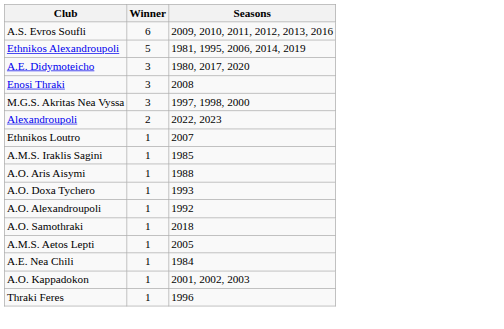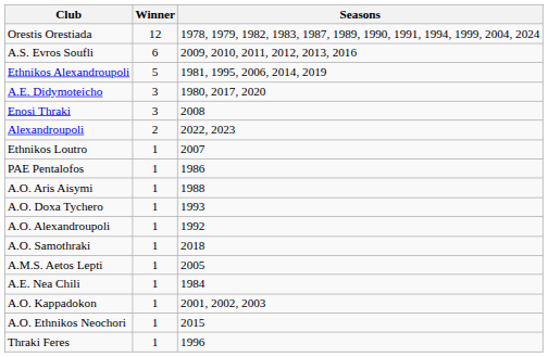 <table class="wikitable sortable" style="text-align: left">
 <tr>
 <th class="unsortable">Club</th>
 <th>Winner</th>
 <th>Seasons</th>
+</tr>
+<tr>
+<td>Orestis Orestiada</td>
+<td align="center">12</td>
+<td>1978, 1979, 1982, 1983, 1987, 1989, 1990, 1991, 1994, 1999, 2004, 2024</td>
 </tr>
 <tr>
 <td>A.S. Evros Soufli</td>
 <td align="center">6</td>
 <td>2009, 2010, 2011, 2012, 2013, 2016</td>
 </tr>
 <tr>
 <td><a href='#'>Ethnikos Alexandroupoli</a></td>
 <td align="center">5</td>
 <td>1981, 1995, 2006, 2014, 2019</td>
 </tr>
 <tr>
 <td><a href='#'>A.E. Didymoteicho</a></td>
 <td align="center">3</td>
 <td>1980, 2017, 2020</td>
 </tr>
 <tr>
 <td><a href='#'>Enosi Thraki</a></td>
 <td align="center">3</td>
 <td>2008</td>
 </tr>
 <tr>
-<td>M.G.S. Akritas Nea Vyssa</td>
-<td align="center">3</td>
-<td>1997, 1998, 2000</td>
-</tr>
-<tr>
 <td><a href='#'>Alexandroupoli</a></td>
 <td align="center">2</td>
 <td>2022, 2023</td>
 </tr>
 <tr>
 <td>Ethnikos Loutro</td>
 <td align="center">1</td>
 <td>2007</td>
 </tr>
 <tr>
-<td>A.M.S. Iraklis Sagini</td>
+<td>PAE Pentalofos</td>
 <td align="center">1</td>
-<td>1985</td>
+<td>1986</td>
 </tr>
 <tr>
 <td>A.O. Aris Aisymi</td>
 <td align="center">1</td>
 <td>1988</td>
 </tr>
 <tr>
 <td>A.O. Doxa Tychero</td>
 <td align="center">1</td>
 <td>1993</td>
 </tr>
 <tr>
 <td>A.O. Alexandroupoli</td>
 <td align="center">1</td>
 <td>1992</td>
 </tr>
 <tr>
 <td>A.O. Samothraki</td>
 <td align="center">1</td>
 <td>2018</td>
 </tr>
 <tr>
 <td>A.M.S. Aetos Lepti</td>
 <td align="center">1</td>
 <td>2005</td>
 </tr>
 <tr>
 <td>A.E. Nea Chili</td>
 <td align="center">1</td>
 <td>1984</td>
 </tr>
 <tr>
 <td>A.O. Kappadokon</td>
 <td align="center">1</td>
 <td>2001, 2002, 2003</td>
 </tr>
 <tr>
+<td>A.O. Ethnikos Neochori</td>
+<td align="center">1</td>
+<td>2015</td>
+</tr>
+<tr>
 <td>Thraki Feres</td>
 <td align="center">1</td>
 <td>1996</td>
 </tr>
 </table>
